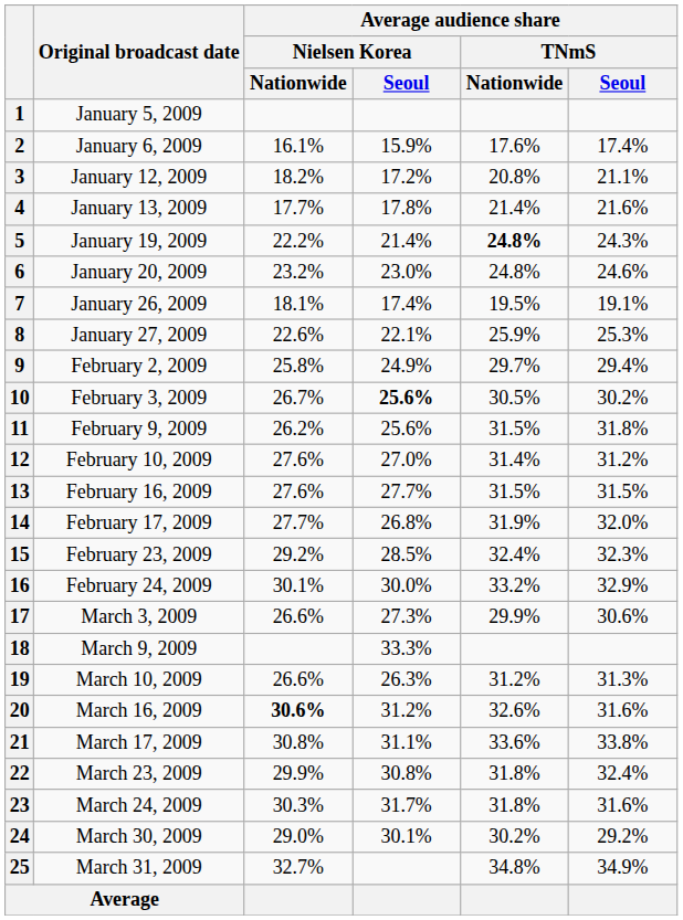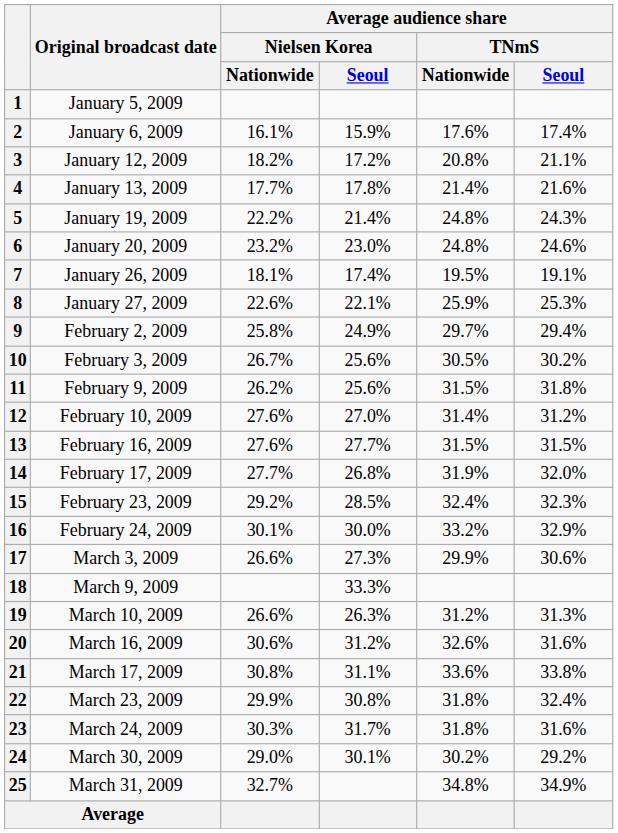 <table class=wikitable style="text-align:center">
 <tr>
 <th rowspan="3"></th>
 <th rowspan="3">Original broadcast date</th>
 <th colspan="4">Average audience share</th>
 </tr>
 <tr>
 <th colspan="2">Nielsen Korea</th>
 <th colspan="2">TNmS</th>
 </tr>
 <tr>
 <th width="80">Nationwide</th>
 <th width="80"><a href='#'>Seoul</a></th>
 <th width="80">Nationwide</th>
 <th width="80"><a href='#'>Seoul</a></th>
 </tr>
 <tr>
 <th>1</th>
 <td>January 5, 2009</td>
 <td><strong></strong></td>
 <td><strong></strong></td>
 <td><strong></strong></td>
 <td><strong></strong></td>
 </tr>
 <tr>
 <th>2</th>
 <td>January 6, 2009</td>
 <td>16.1%</td>
 <td>15.9%</td>
 <td>17.6%</td>
 <td>17.4%</td>
 </tr>
 <tr>
 <th>3</th>
 <td>January 12, 2009</td>
 <td>18.2%</td>
 <td>17.2%</td>
 <td>20.8%</td>
 <td>21.1%</td>
 </tr>
 <tr>
 <th>4</th>
 <td>January 13, 2009</td>
 <td>17.7%</td>
 <td>17.8%</td>
 <td>21.4%</td>
 <td>21.6%</td>
 </tr>
 <tr>
 <th>5</th>
 <td>January 19, 2009</td>
 <td>22.2%</td>
 <td>21.4%</td>
-<td><strong>24.8%</strong></td>
+<td>24.8%</td>
 <td>24.3%</td>
 </tr>
 <tr>
 <th>6</th>
 <td>January 20, 2009</td>
 <td>23.2%</td>
 <td>23.0%</td>
 <td>24.8%</td>
 <td>24.6%</td>
 </tr>
 <tr>
 <th>7</th>
 <td>January 26, 2009</td>
 <td>18.1%</td>
 <td>17.4%</td>
 <td>19.5%</td>
 <td>19.1%</td>
 </tr>
 <tr>
 <th>8</th>
 <td>January 27, 2009</td>
 <td>22.6%</td>
 <td>22.1%</td>
 <td>25.9%</td>
 <td>25.3%</td>
 </tr>
 <tr>
 <th>9</th>
 <td>February 2, 2009</td>
 <td>25.8%</td>
 <td>24.9%</td>
 <td>29.7%</td>
 <td>29.4%</td>
 </tr>
 <tr>
 <th>10</th>
 <td>February 3, 2009</td>
 <td>26.7%</td>
-<td><strong>25.6%</strong></td>
+<td>25.6%</td>
 <td>30.5%</td>
 <td>30.2%</td>
 </tr>
 <tr>
 <th>11</th>
 <td>February 9, 2009</td>
 <td>26.2%</td>
 <td>25.6%</td>
 <td>31.5%</td>
 <td>31.8%</td>
 </tr>
 <tr>
 <th>12</th>
 <td>February 10, 2009</td>
 <td>27.6%</td>
 <td>27.0%</td>
 <td>31.4%</td>
 <td>31.2%</td>
 </tr>
 <tr>
 <th>13</th>
 <td>February 16, 2009</td>
 <td>27.6%</td>
 <td>27.7%</td>
 <td>31.5%</td>
 <td>31.5%</td>
 </tr>
 <tr>
 <th>14</th>
 <td>February 17, 2009</td>
 <td>27.7%</td>
 <td>26.8%</td>
 <td>31.9%</td>
 <td>32.0%</td>
 </tr>
 <tr>
 <th>15</th>
 <td>February 23, 2009</td>
 <td>29.2%</td>
 <td>28.5%</td>
 <td>32.4%</td>
 <td>32.3%</td>
 </tr>
 <tr>
 <th>16</th>
 <td>February 24, 2009</td>
 <td>30.1%</td>
 <td>30.0%</td>
 <td>33.2%</td>
 <td>32.9%</td>
 </tr>
 <tr>
 <th>17</th>
 <td>March 3, 2009</td>
 <td>26.6%</td>
 <td>27.3%</td>
 <td>29.9%</td>
 <td>30.6%</td>
 </tr>
 <tr>
 <th>18</th>
 <td>March 9, 2009</td>
 <td><strong></strong></td>
 <td>33.3%</td>
 <td><strong></strong></td>
 <td><strong></strong></td>
 </tr>
 <tr>
 <th>19</th>
 <td>March 10, 2009</td>
 <td>26.6%</td>
 <td>26.3%</td>
 <td>31.2%</td>
 <td>31.3%</td>
 </tr>
 <tr>
 <th>20</th>
 <td>March 16, 2009</td>
-<td><strong>30.6%</strong></td>
+<td>30.6%</td>
 <td>31.2%</td>
 <td>32.6%</td>
 <td>31.6%</td>
 </tr>
 <tr>
 <th>21</th>
 <td>March 17, 2009</td>
 <td>30.8%</td>
 <td>31.1%</td>
 <td>33.6%</td>
 <td>33.8%</td>
 </tr>
 <tr>
 <th>22</th>
 <td>March 23, 2009</td>
 <td>29.9%</td>
 <td>30.8%</td>
 <td>31.8%</td>
 <td>32.4%</td>
 </tr>
 <tr>
 <th>23</th>
 <td>March 24, 2009</td>
 <td>30.3%</td>
 <td>31.7%</td>
 <td>31.8%</td>
 <td>31.6%</td>
 </tr>
 <tr>
 <th>24</th>
 <td>March 30, 2009</td>
 <td>29.0%</td>
 <td>30.1%</td>
 <td>30.2%</td>
 <td>29.2%</td>
 </tr>
 <tr>
 <th>25</th>
 <td>March 31, 2009</td>
 <td>32.7%</td>
 <td><strong></strong></td>
 <td>34.8%</td>
 <td>34.9%</td>
 </tr>
 <tr>
 <th colspan="2">Average</th>
 <th></th>
 <th></th>
 <th></th>
 <th></th>
 </tr>
 </table>
